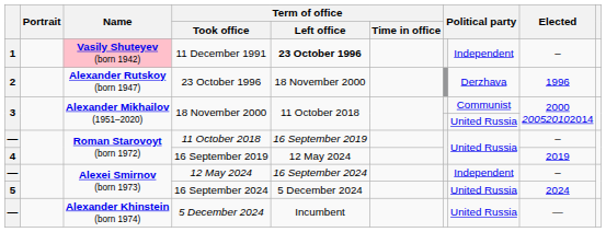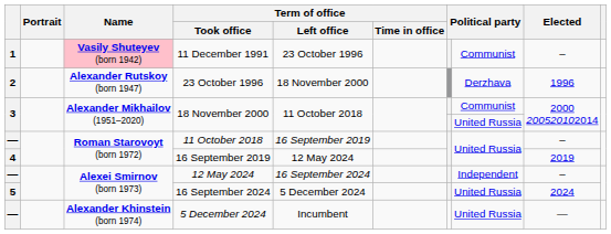 <table class="wikitable" style="text-align:center">
 <tr>
 <th rowspan=2></th>
 <th rowspan=2>Portrait</th>
 <th rowspan=2>Name<br></th>
 <th colspan=3>Term of office</th>
 <th colspan=2 rowspan=2>Political party</th>
 <th rowspan=2>Elected</th>
 <th rowspan=2></th>
 </tr>
 <tr>
 <th>Took office</th>
 <th>Left office</th>
 <th>Time in office</th>
 </tr>
 <tr>
 <th>1</th>
 <td></td>
 <td style="background: pink;"><strong><a href='#'>Vasily Shuteyev</a></strong><br><small>(born 1942)</small></td>
 <td>11 December 1991</td>
-<td><strong>23 October 1996</strong></td>
+<td>23 October 1996</td>
 <td></td>
 <th style="background: "></th>
-<td><a href='#'>Independent</a></td>
+<td><a href='#'>Communist</a></td>
 <td>–</td>
 <td></td>
 </tr>
 <tr>
 <th>2</th>
 <td></td>
 <td><strong><a href='#'>Alexander Rutskoy</a></strong><br><small>(born 1947)</small></td>
 <td>23 October 1996</td>
 <td>18 November 2000</td>
 <td></td>
 <th style="background:#959698;"></th>
 <td><a href='#'>Derzhava</a></td>
 <td><a href='#'>1996</a></td>
 <td></td>
 </tr>
 <tr>
 <th rowspan=2>3</th>
 <td rowspan=2></td>
 <td rowspan=2><strong><a href='#'>Alexander Mikhailov</a></strong><br><small>(1951–2020)</small></td>
 <td rowspan=2>18 November 2000</td>
 <td rowspan=2>11 October 2018</td>
 <td rowspan=2></td>
 <th style="background: "></th>
 <td><a href='#'>Communist</a></td>
 <td rowspan=2><a href='#'>2000</a><br><em><a href='#'>2005</a></em><em><a href='#'>2010</a></em><a href='#'>2014</a></td>
 <td rowspan=2></td>
 </tr>
 <tr>
 <th style="background: "></th>
 <td><a href='#'>United Russia</a></td>
 </tr>
 <tr>
 <th>—</th>
 <td rowspan=2></td>
 <td rowspan=2><strong><a href='#'>Roman Starovoyt</a></strong><br><small>(born 1972)</small></td>
 <td><em>11 October 2018</em></td>
 <td><em>16 September 2019</em></td>
 <td><em></em></td>
 <th rowspan=2 style="background: "></th>
 <td rowspan=2><a href='#'>United Russia</a></td>
 <td>–</td>
 <td rowspan=2></td>
 </tr>
 <tr>
 <th>4</th>
 <td>16 September 2019</td>
 <td>12 May 2024</td>
 <td></td>
 <td><a href='#'>2019</a></td>
 </tr>
 <tr>
 <th>—</th>
 <td rowspan=2></td>
 <td rowspan=2><strong><a href='#'>Alexei Smirnov</a></strong><br><small>(born 1973)</small></td>
 <td><em>12 May 2024</em></td>
 <td><em>16 September 2024</em></td>
 <td><em></em></td>
 <th style="background: "></th>
 <td><a href='#'>Independent</a></td>
 <td>–</td>
 <td rowspan=2></td>
 </tr>
 <tr>
 <th>5</th>
 <td>16 September 2024</td>
 <td>5 December 2024</td>
 <td></td>
 <th style="background: "></th>
 <td><a href='#'>United Russia</a></td>
 <td><a href='#'>2024</a></td>
 </tr>
 <tr>
 <th>—</th>
 <td></td>
 <td><strong><a href='#'>Alexander Khinstein</a></strong><br><small>(born 1974)</small></td>
 <td><em>5 December 2024</em></td>
 <td>Incumbent</td>
 <td><em></em></td>
 <td style="background: "></td>
 <td><a href='#'>United Russia</a></td>
 <td>—</td>
 <td></td>
 </tr>
 </table>
